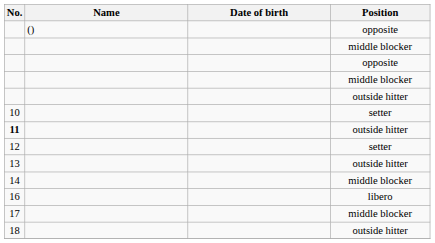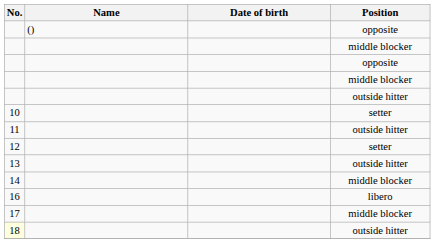 <table class="wikitable sortable" style="font-size:100%; text-align:center;">
 <tr>
 <th>No.</th>
 <th style="width:15em">Name</th>
 <th style="width:13em">Date of birth</th>
 <th style="width:9em">Position</th>
 </tr>
 <tr>
 <td></td>
 <td align=left>  ()</td>
 <td align=right></td>
 <td>opposite</td>
 </tr>
 <tr>
 <td></td>
 <td align=left> </td>
 <td align=right></td>
 <td>middle blocker</td>
 </tr>
 <tr>
 <td></td>
 <td align=left> </td>
 <td align=right></td>
 <td>opposite</td>
 </tr>
 <tr>
 <td></td>
 <td align=left> </td>
 <td align=right></td>
 <td>middle blocker</td>
 </tr>
 <tr>
 <td></td>
 <td align=left> </td>
 <td align=right></td>
 <td>outside hitter</td>
 </tr>
 <tr>
 <td>10</td>
 <td align=left> </td>
 <td align=right></td>
 <td>setter</td>
 </tr>
 <tr>
-<td><strong>11</strong></td>
+<td>11</td>
 <td align=left> </td>
 <td align=right></td>
 <td>outside hitter</td>
 </tr>
 <tr>
 <td>12</td>
 <td align=left> </td>
 <td align=right></td>
 <td>setter</td>
 </tr>
 <tr>
 <td>13</td>
 <td align=left> </td>
 <td align=right></td>
 <td>outside hitter</td>
 </tr>
 <tr>
 <td>14</td>
 <td align=left> </td>
 <td align=right></td>
 <td>middle blocker</td>
 </tr>
 <tr>
 <td>16</td>
 <td align=left> </td>
 <td align=right></td>
 <td>libero</td>
 </tr>
 <tr>
 <td>17</td>
 <td align=left> </td>
 <td align=right></td>
 <td>middle blocker</td>
 </tr>
 <tr>
-<td>18</td>
+<td style="background: lightyellow;">18</td>
 <td align=left> </td>
 <td align=right></td>
 <td>outside hitter</td>
 </tr>
 <tr>
 </tr>
 </table>
